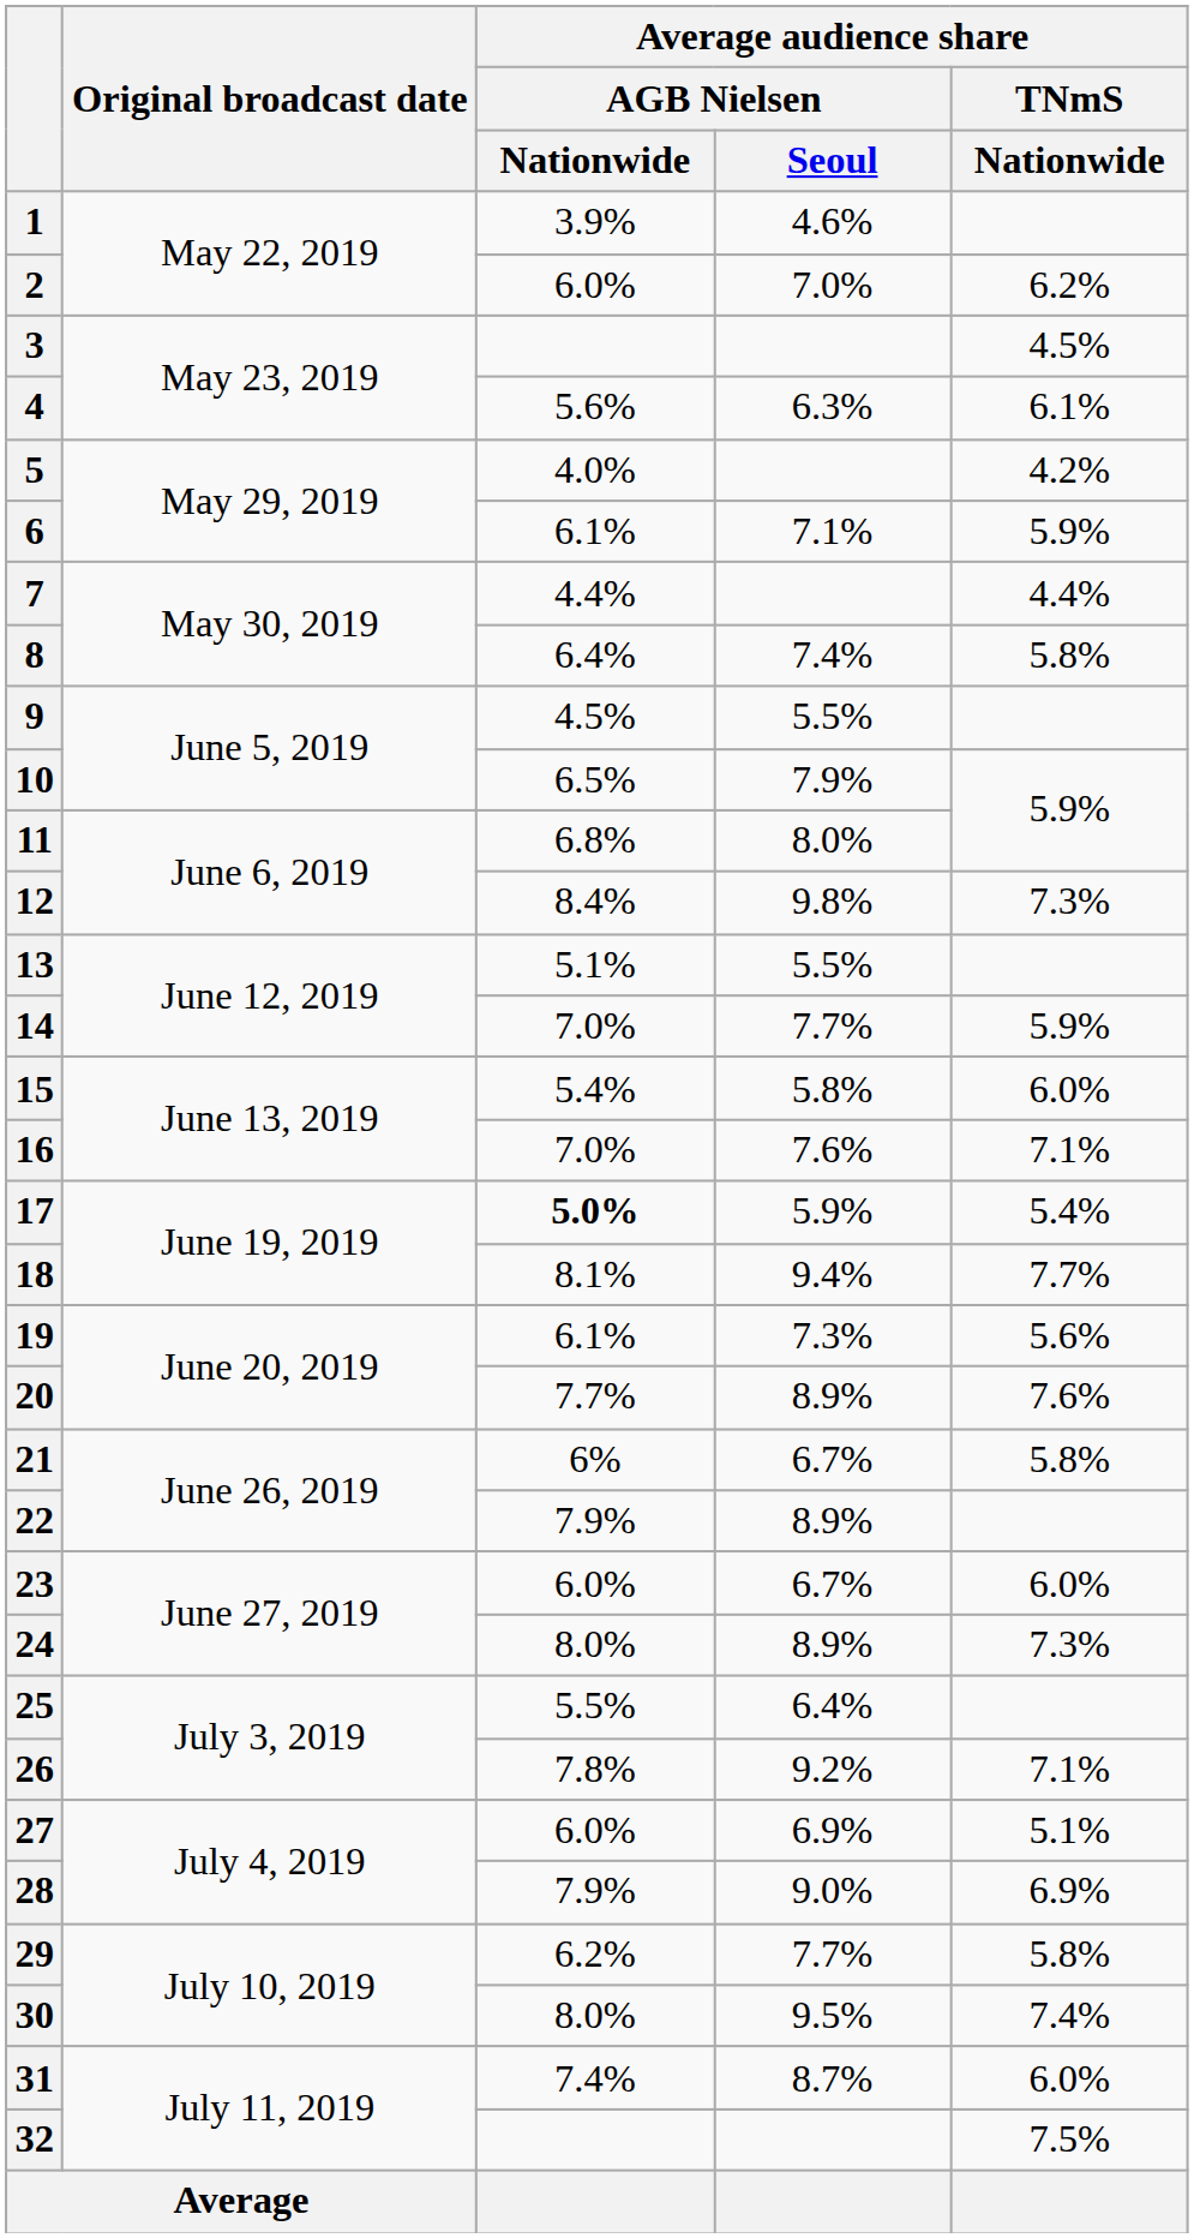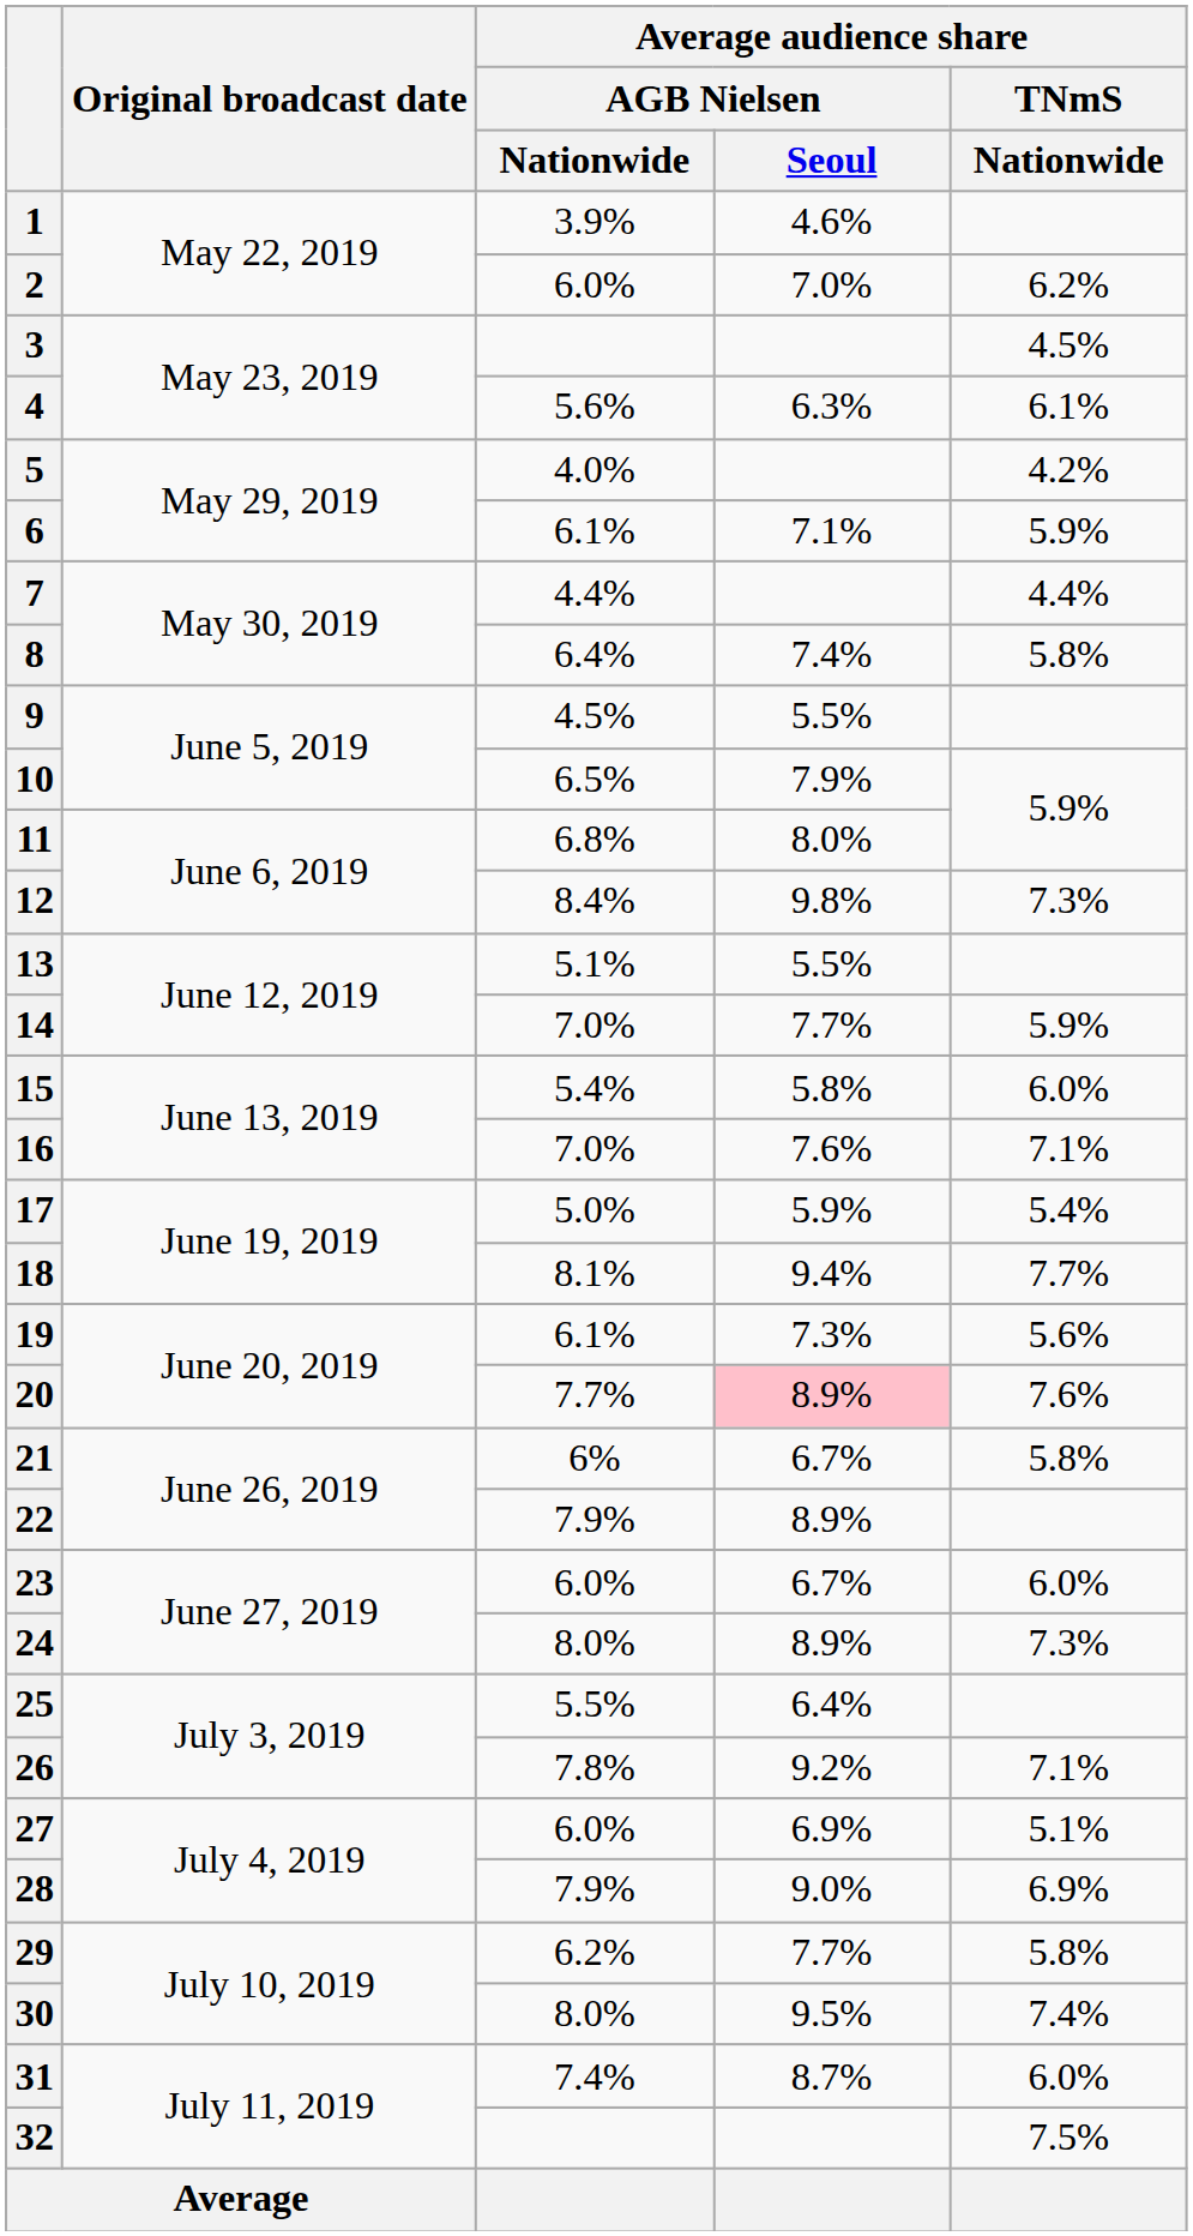 <table class="wikitable" style="text-align:center">
 <tr>
 <th rowspan="3"></th>
 <th rowspan="3">Original broadcast date</th>
 <th colspan="3">Average audience share</th>
 </tr>
 <tr>
 <th colspan="2">AGB Nielsen</th>
 <th>TNmS</th>
 </tr>
 <tr>
 <th width="90">Nationwide</th>
 <th width="90"><a href='#'>Seoul</a></th>
 <th width="90">Nationwide</th>
 </tr>
 <tr>
 <th>1</th>
 <td rowspan="2">May 22, 2019</td>
 <td>3.9% </td>
 <td>4.6% </td>
 <td></td>
 </tr>
 <tr>
 <th>2</th>
 <td>6.0% </td>
 <td>7.0% </td>
 <td>6.2%</td>
 </tr>
 <tr>
 <th>3</th>
 <td rowspan="2">May 23, 2019</td>
 <td> </td>
 <td> </td>
 <td>4.5%</td>
 </tr>
 <tr>
 <th>4</th>
 <td>5.6% </td>
 <td>6.3% </td>
 <td>6.1%</td>
 </tr>
 <tr>
 <th>5</th>
 <td rowspan="2">May 29, 2019</td>
 <td>4.0% </td>
 <td></td>
 <td>4.2%</td>
 </tr>
 <tr>
 <th>6</th>
 <td>6.1% </td>
 <td>7.1% </td>
 <td>5.9%</td>
 </tr>
 <tr>
 <th>7</th>
 <td rowspan="2">May 30, 2019</td>
 <td>4.4% </td>
 <td></td>
 <td>4.4%</td>
 </tr>
 <tr>
 <th>8</th>
 <td>6.4% </td>
 <td>7.4% </td>
 <td>5.8%</td>
 </tr>
 <tr>
 <th>9</th>
 <td rowspan="2">June 5, 2019</td>
 <td>4.5% </td>
 <td>5.5% </td>
 <td></td>
 </tr>
 <tr>
 <th>10</th>
 <td>6.5% </td>
 <td>7.9% </td>
 <td rowspan="2">5.9%</td>
 </tr>
 <tr>
 <th>11</th>
 <td rowspan="2">June 6, 2019</td>
 <td>6.8% </td>
 <td>8.0% </td>
 </tr>
 <tr>
 <th>12</th>
 <td>8.4% </td>
 <td>9.8% </td>
 <td>7.3%</td>
 </tr>
 <tr>
 <th>13</th>
 <td rowspan="2">June 12, 2019</td>
 <td>5.1% </td>
 <td>5.5% </td>
 <td></td>
 </tr>
 <tr>
 <th>14</th>
 <td>7.0% </td>
 <td>7.7% </td>
 <td>5.9%</td>
 </tr>
 <tr>
 <th>15</th>
 <td rowspan="2">June 13, 2019</td>
 <td>5.4% </td>
 <td>5.8% </td>
 <td>6.0%</td>
 </tr>
 <tr>
 <th>16</th>
 <td>7.0% </td>
 <td>7.6% </td>
 <td>7.1%</td>
 </tr>
 <tr>
 <th>17</th>
 <td rowspan="2">June 19, 2019</td>
-<td><strong>5.0% </strong></td>
+<td>5.0% </td>
 <td>5.9% </td>
 <td>5.4%</td>
 </tr>
 <tr>
 <th>18</th>
 <td>8.1% </td>
 <td>9.4% </td>
 <td>7.7%</td>
 </tr>
 <tr>
 <th>19</th>
 <td rowspan="2">June 20, 2019</td>
 <td>6.1% </td>
 <td>7.3% </td>
 <td>5.6%</td>
 </tr>
 <tr>
 <th>20</th>
 <td>7.7% </td>
-<td>8.9% </td>
+<td style="background: pink;">8.9% </td>
 <td>7.6%</td>
 </tr>
 <tr>
 <th>21</th>
 <td rowspan="2">June 26, 2019</td>
 <td>6% </td>
 <td>6.7% </td>
 <td>5.8%</td>
 </tr>
 <tr>
 <th>22</th>
 <td>7.9% </td>
 <td>8.9% </td>
 <td></td>
 </tr>
 <tr>
 <th>23</th>
 <td rowspan="2">June 27, 2019</td>
 <td>6.0% </td>
 <td>6.7% </td>
 <td>6.0%</td>
 </tr>
 <tr>
 <th>24</th>
 <td>8.0% </td>
 <td>8.9% </td>
 <td>7.3%</td>
 </tr>
 <tr>
 <th>25</th>
 <td rowspan="2">July 3, 2019</td>
 <td>5.5% </td>
 <td>6.4% </td>
 <td></td>
 </tr>
 <tr>
 <th>26</th>
 <td>7.8% </td>
 <td>9.2% </td>
 <td>7.1%</td>
 </tr>
 <tr>
 <th>27</th>
 <td rowspan="2">July 4, 2019</td>
 <td>6.0% </td>
 <td>6.9% </td>
 <td>5.1%</td>
 </tr>
 <tr>
 <th>28</th>
 <td>7.9% </td>
 <td>9.0% </td>
 <td>6.9%</td>
 </tr>
 <tr>
 <th>29</th>
 <td rowspan="2">July 10, 2019</td>
 <td>6.2% </td>
 <td>7.7% </td>
 <td>5.8%</td>
 </tr>
 <tr>
 <th>30</th>
 <td>8.0% </td>
 <td>9.5% </td>
 <td>7.4%</td>
 </tr>
 <tr>
 <th>31</th>
 <td rowspan="2">July 11, 2019</td>
 <td>7.4% </td>
 <td>8.7% </td>
 <td>6.0%</td>
 </tr>
 <tr>
 <th>32</th>
 <td> </td>
 <td> </td>
 <td>7.5%</td>
 </tr>
 <tr>
 <th colspan="2">Average</th>
 <th></th>
 <th></th>
 <th></th>
 </tr>
 </table>
